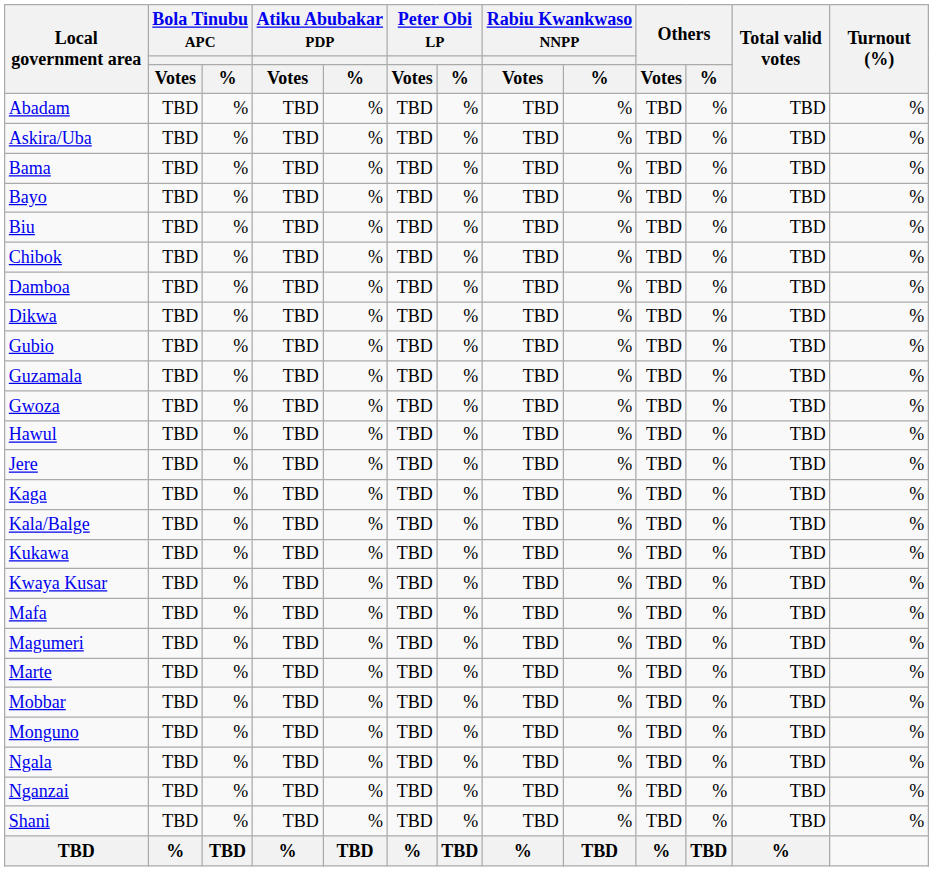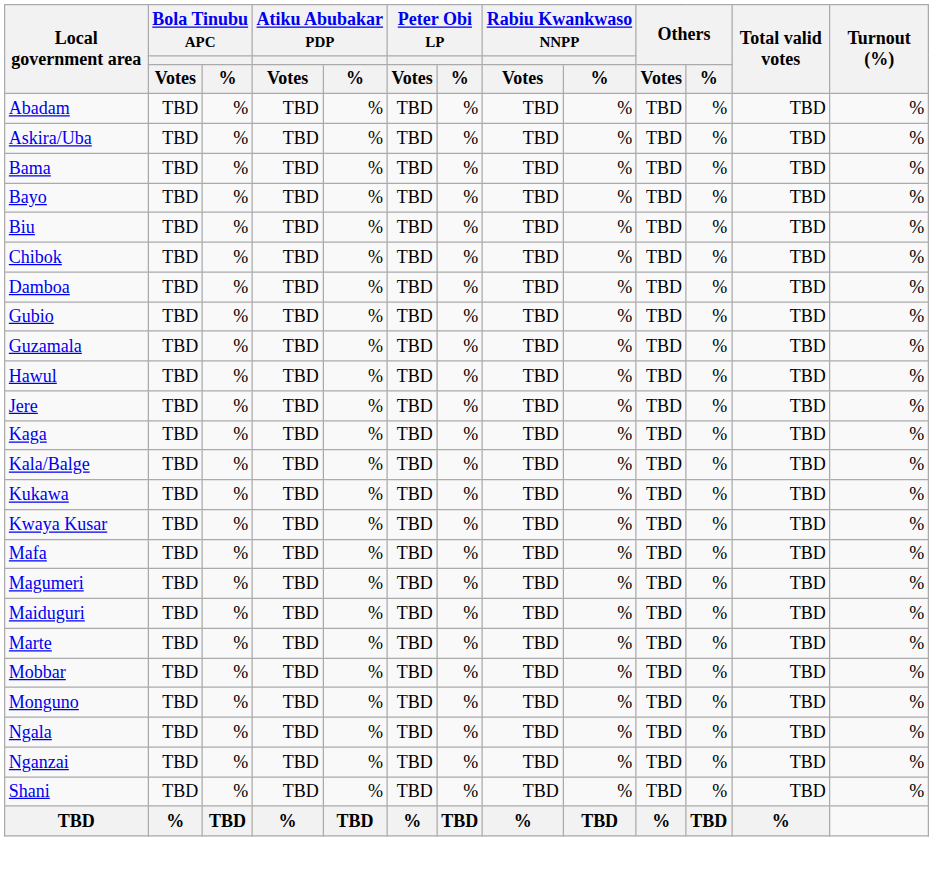 <table class="wikitable sortable" style="text-align:right; font-size:90%">
 <tr>
 <th rowspan="3" style="max-width:7.5em;">Local government area</th>
 <th colspan="2"><a href='#'>Bola Tinubu</a><br><small>APC</small></th>
 <th colspan="2"><a href='#'>Atiku Abubakar</a><br><small>PDP</small></th>
 <th colspan="2"><a href='#'>Peter Obi</a><br><small>LP</small></th>
 <th colspan="2"><a href='#'>Rabiu Kwankwaso</a><br><small>NNPP</small></th>
 <th colspan="2" rowspan="2">Others</th>
 <th rowspan="3" style="max-width:5em;">Total valid votes</th>
 <th rowspan="3" style="max-width:5em;">Turnout (%)</th>
 </tr>
 <tr>
 <th colspan=2 style="background-color:"></th>
 <th colspan=2 style="background-color:"></th>
 <th colspan=2 style="background-color:"></th>
 <th colspan=2 style="background-color:"></th>
 </tr>
 <tr>
 <th>Votes</th>
 <th>%</th>
 <th>Votes</th>
 <th>%</th>
 <th>Votes</th>
 <th>%</th>
 <th>Votes</th>
 <th>%</th>
 <th>Votes</th>
 <th>%</th>
 </tr>
 <tr style="background-color:#">
 <td style="text-align:left;"><a href='#'>Abadam</a></td>
 <td>TBD</td>
 <td>%</td>
 <td>TBD</td>
 <td>%</td>
 <td>TBD</td>
 <td>%</td>
 <td>TBD</td>
 <td>%</td>
 <td>TBD</td>
 <td>%</td>
 <td>TBD</td>
 <td>%</td>
 </tr>
 <tr style="background-color:#">
 <td style="text-align:left;"><a href='#'>Askira/Uba</a></td>
 <td>TBD</td>
 <td>%</td>
 <td>TBD</td>
 <td>%</td>
 <td>TBD</td>
 <td>%</td>
 <td>TBD</td>
 <td>%</td>
 <td>TBD</td>
 <td>%</td>
 <td>TBD</td>
 <td>%</td>
 </tr>
 <tr style="background-color:#">
 <td style="text-align:left;"><a href='#'>Bama</a></td>
 <td>TBD</td>
 <td>%</td>
 <td>TBD</td>
 <td>%</td>
 <td>TBD</td>
 <td>%</td>
 <td>TBD</td>
 <td>%</td>
 <td>TBD</td>
 <td>%</td>
 <td>TBD</td>
 <td>%</td>
 </tr>
 <tr style="background-color:#">
 <td style="text-align:left;"><a href='#'>Bayo</a></td>
 <td>TBD</td>
 <td>%</td>
 <td>TBD</td>
 <td>%</td>
 <td>TBD</td>
 <td>%</td>
 <td>TBD</td>
 <td>%</td>
 <td>TBD</td>
 <td>%</td>
 <td>TBD</td>
 <td>%</td>
 </tr>
 <tr style="background-color:#">
 <td style="text-align:left;"><a href='#'>Biu</a></td>
 <td>TBD</td>
 <td>%</td>
 <td>TBD</td>
 <td>%</td>
 <td>TBD</td>
 <td>%</td>
 <td>TBD</td>
 <td>%</td>
 <td>TBD</td>
 <td>%</td>
 <td>TBD</td>
 <td>%</td>
 </tr>
 <tr style="background-color:#">
 <td style="text-align:left;"><a href='#'>Chibok</a></td>
 <td>TBD</td>
 <td>%</td>
 <td>TBD</td>
 <td>%</td>
 <td>TBD</td>
 <td>%</td>
 <td>TBD</td>
 <td>%</td>
 <td>TBD</td>
 <td>%</td>
 <td>TBD</td>
 <td>%</td>
 </tr>
 <tr style="background-color:#">
 <td style="text-align:left;"><a href='#'>Damboa</a></td>
 <td>TBD</td>
 <td>%</td>
 <td>TBD</td>
 <td>%</td>
 <td>TBD</td>
 <td>%</td>
 <td>TBD</td>
 <td>%</td>
 <td>TBD</td>
 <td>%</td>
 <td>TBD</td>
 <td>%</td>
 </tr>
 <tr style="background-color:#">
-<td style="text-align:left;"><a href='#'>Dikwa</a></td>
-<td>TBD</td>
-<td>%</td>
-<td>TBD</td>
-<td>%</td>
-<td>TBD</td>
-<td>%</td>
-<td>TBD</td>
-<td>%</td>
-<td>TBD</td>
-<td>%</td>
-<td>TBD</td>
-<td>%</td>
-</tr>
-<tr style="background-color:#">
 <td style="text-align:left;"><a href='#'>Gubio</a></td>
 <td>TBD</td>
 <td>%</td>
 <td>TBD</td>
 <td>%</td>
 <td>TBD</td>
 <td>%</td>
 <td>TBD</td>
 <td>%</td>
 <td>TBD</td>
 <td>%</td>
 <td>TBD</td>
 <td>%</td>
 </tr>
 <tr style="background-color:#">
 <td style="text-align:left;"><a href='#'>Guzamala</a></td>
-<td>TBD</td>
-<td>%</td>
-<td>TBD</td>
-<td>%</td>
-<td>TBD</td>
-<td>%</td>
-<td>TBD</td>
-<td>%</td>
-<td>TBD</td>
-<td>%</td>
-<td>TBD</td>
-<td>%</td>
-</tr>
-<tr style="background-color:#">
-<td style="text-align:left;"><a href='#'>Gwoza</a></td>
 <td>TBD</td>
 <td>%</td>
 <td>TBD</td>
 <td>%</td>
 <td>TBD</td>
 <td>%</td>
 <td>TBD</td>
 <td>%</td>
 <td>TBD</td>
 <td>%</td>
 <td>TBD</td>
 <td>%</td>
 </tr>
 <tr style="background-color:#">
 <td style="text-align:left;"><a href='#'>Hawul</a></td>
 <td>TBD</td>
 <td>%</td>
 <td>TBD</td>
 <td>%</td>
 <td>TBD</td>
 <td>%</td>
 <td>TBD</td>
 <td>%</td>
 <td>TBD</td>
 <td>%</td>
 <td>TBD</td>
 <td>%</td>
 </tr>
 <tr style="background-color:#">
 <td style="text-align:left;"><a href='#'>Jere</a></td>
 <td>TBD</td>
 <td>%</td>
 <td>TBD</td>
 <td>%</td>
 <td>TBD</td>
 <td>%</td>
 <td>TBD</td>
 <td>%</td>
 <td>TBD</td>
 <td>%</td>
 <td>TBD</td>
 <td>%</td>
 </tr>
 <tr style="background-color:#">
 <td style="text-align:left;"><a href='#'>Kaga</a></td>
 <td>TBD</td>
 <td>%</td>
 <td>TBD</td>
 <td>%</td>
 <td>TBD</td>
 <td>%</td>
 <td>TBD</td>
 <td>%</td>
 <td>TBD</td>
 <td>%</td>
 <td>TBD</td>
 <td>%</td>
 </tr>
 <tr style="background-color:#">
 <td style="text-align:left;"><a href='#'>Kala/Balge</a></td>
 <td>TBD</td>
 <td>%</td>
 <td>TBD</td>
 <td>%</td>
 <td>TBD</td>
 <td>%</td>
 <td>TBD</td>
 <td>%</td>
 <td>TBD</td>
 <td>%</td>
 <td>TBD</td>
 <td>%</td>
 </tr>
 <tr style="background-color:#">
 <td style="text-align:left;"><a href='#'>Kukawa</a></td>
 <td>TBD</td>
 <td>%</td>
 <td>TBD</td>
 <td>%</td>
 <td>TBD</td>
 <td>%</td>
 <td>TBD</td>
 <td>%</td>
 <td>TBD</td>
 <td>%</td>
 <td>TBD</td>
 <td>%</td>
 </tr>
 <tr style="background-color:#">
 <td style="text-align:left;"><a href='#'>Kwaya Kusar</a></td>
 <td>TBD</td>
 <td>%</td>
 <td>TBD</td>
 <td>%</td>
 <td>TBD</td>
 <td>%</td>
 <td>TBD</td>
 <td>%</td>
 <td>TBD</td>
 <td>%</td>
 <td>TBD</td>
 <td>%</td>
 </tr>
 <tr style="background-color:#">
 <td style="text-align:left;"><a href='#'>Mafa</a></td>
 <td>TBD</td>
 <td>%</td>
 <td>TBD</td>
 <td>%</td>
 <td>TBD</td>
 <td>%</td>
 <td>TBD</td>
 <td>%</td>
 <td>TBD</td>
 <td>%</td>
 <td>TBD</td>
 <td>%</td>
 </tr>
 <tr style="background-color:#">
 <td style="text-align:left;"><a href='#'>Magumeri</a></td>
 <td>TBD</td>
 <td>%</td>
 <td>TBD</td>
 <td>%</td>
 <td>TBD</td>
 <td>%</td>
 <td>TBD</td>
 <td>%</td>
 <td>TBD</td>
 <td>%</td>
 <td>TBD</td>
 <td>%</td>
 </tr>
 <tr style="background-color:#">
+<td style="text-align:left;"><a href='#'>Maiduguri</a></td>
+<td>TBD</td>
+<td>%</td>
+<td>TBD</td>
+<td>%</td>
+<td>TBD</td>
+<td>%</td>
+<td>TBD</td>
+<td>%</td>
+<td>TBD</td>
+<td>%</td>
+<td>TBD</td>
+<td>%</td>
+</tr>
+<tr style="background-color:#">
 <td style="text-align:left;"><a href='#'>Marte</a></td>
 <td>TBD</td>
 <td>%</td>
 <td>TBD</td>
 <td>%</td>
 <td>TBD</td>
 <td>%</td>
 <td>TBD</td>
 <td>%</td>
 <td>TBD</td>
 <td>%</td>
 <td>TBD</td>
 <td>%</td>
 </tr>
 <tr style="background-color:#">
 <td style="text-align:left;"><a href='#'>Mobbar</a></td>
 <td>TBD</td>
 <td>%</td>
 <td>TBD</td>
 <td>%</td>
 <td>TBD</td>
 <td>%</td>
 <td>TBD</td>
 <td>%</td>
 <td>TBD</td>
 <td>%</td>
 <td>TBD</td>
 <td>%</td>
 </tr>
 <tr style="background-color:#">
 <td style="text-align:left;"><a href='#'>Monguno</a></td>
 <td>TBD</td>
 <td>%</td>
 <td>TBD</td>
 <td>%</td>
 <td>TBD</td>
 <td>%</td>
 <td>TBD</td>
 <td>%</td>
 <td>TBD</td>
 <td>%</td>
 <td>TBD</td>
 <td>%</td>
 </tr>
 <tr style="background-color:#">
 <td style="text-align:left;"><a href='#'>Ngala</a></td>
 <td>TBD</td>
 <td>%</td>
 <td>TBD</td>
 <td>%</td>
 <td>TBD</td>
 <td>%</td>
 <td>TBD</td>
 <td>%</td>
 <td>TBD</td>
 <td>%</td>
 <td>TBD</td>
 <td>%</td>
 </tr>
 <tr style="background-color:#">
 <td style="text-align:left;"><a href='#'>Nganzai</a></td>
 <td>TBD</td>
 <td>%</td>
 <td>TBD</td>
 <td>%</td>
 <td>TBD</td>
 <td>%</td>
 <td>TBD</td>
 <td>%</td>
 <td>TBD</td>
 <td>%</td>
 <td>TBD</td>
 <td>%</td>
 </tr>
 <tr style="background-color:#">
 <td style="text-align:left;"><a href='#'>Shani</a></td>
 <td>TBD</td>
 <td>%</td>
 <td>TBD</td>
 <td>%</td>
 <td>TBD</td>
 <td>%</td>
 <td>TBD</td>
 <td>%</td>
 <td>TBD</td>
 <td>%</td>
 <td>TBD</td>
 <td>%</td>
 </tr>
 <tr>
 <th>TBD</th>
 <th>%</th>
 <th>TBD</th>
 <th>%</th>
 <th>TBD</th>
 <th>%</th>
 <th>TBD</th>
 <th>%</th>
 <th>TBD</th>
 <th>%</th>
 <th>TBD</th>
 <th>%</th>
 </tr>
 </table>
